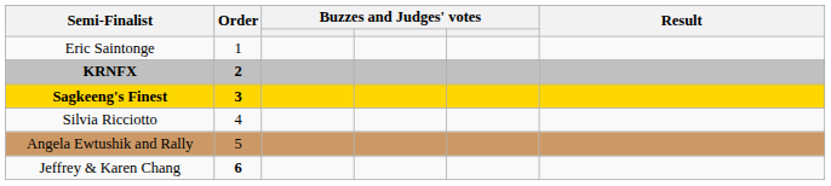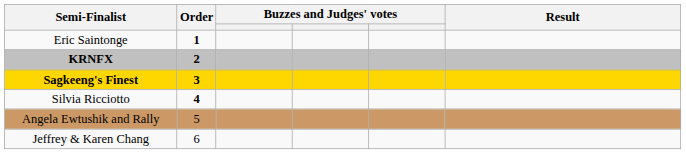 <table class="wikitable plainrowheaders sortable" style="text-align:center;">
 <tr>
 <th scope="col" rowspan="2" class="unsortable" style="width:17em;">Semi-Finalist</th>
 <th scope="col" rowspan="2" style="width:1em;">Order</th>
 <th scope="col" colspan="3" class="unsortable" style="width:24em;">Buzzes and Judges' votes</th>
 <th scope="col" rowspan="2" style="width:25em;">Result</th>
 </tr>
 <tr>
 <th scope="col" class="unsortable" style="width:6em;"></th>
 <th scope="col" class="unsortable" style="width:6em;"></th>
 <th scope="col" class="unsortable" style="width:6em;"></th>
 </tr>
 <tr>
 <td>Eric Saintonge</td>
-<td>1</td>
+<td><strong>1</strong></td>
 <td style="text-align:center"></td>
 <td style="text-align:center"></td>
 <td style="text-align:center"></td>
 <td></td>
 </tr>
 <tr style="background:silver;">
 <td><strong>KRNFX</strong></td>
 <td><strong>2</strong></td>
 <td style="text-align:center"></td>
 <td style="text-align:center"></td>
 <td style="text-align:center"></td>
 <td><strong></strong></td>
 </tr>
 <tr style="background:gold;">
 <td><strong>Sagkeeng's Finest</strong></td>
 <td><strong>3</strong></td>
 <td style="text-align:center"></td>
 <td style="text-align:center"></td>
 <td style="text-align:center"></td>
 <td><strong></strong></td>
 </tr>
 <tr>
 <td>Silvia Ricciotto</td>
-<td>4</td>
+<td><strong>4</strong></td>
 <td style="text-align:center"></td>
 <td style="text-align:center"></td>
 <td style="text-align:center"></td>
 <td></td>
 </tr>
 <tr style="background:#c96;">
 <td>Angela Ewtushik and Rally</td>
 <td>5</td>
 <td style="text-align:center"></td>
 <td style="text-align:center"></td>
 <td style="text-align:center"></td>
 <td></td>
 </tr>
 <tr>
 <td>Jeffrey & Karen Chang</td>
-<td><strong>6</strong></td>
+<td>6</td>
 <td style="text-align:center"></td>
 <td style="text-align:center"></td>
 <td style="text-align:center"></td>
 <td></td>
 </tr>
 </table>
